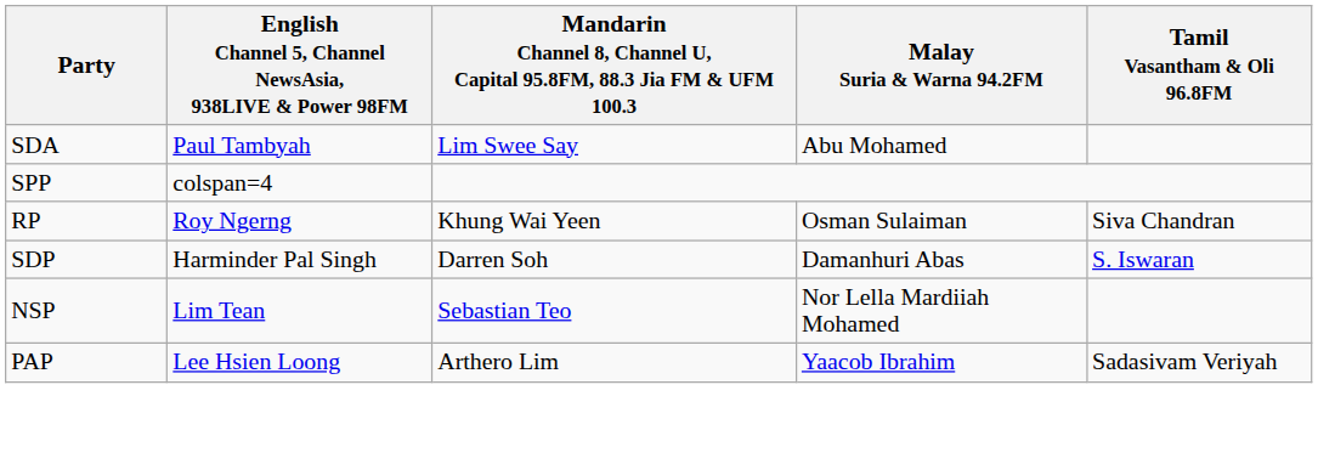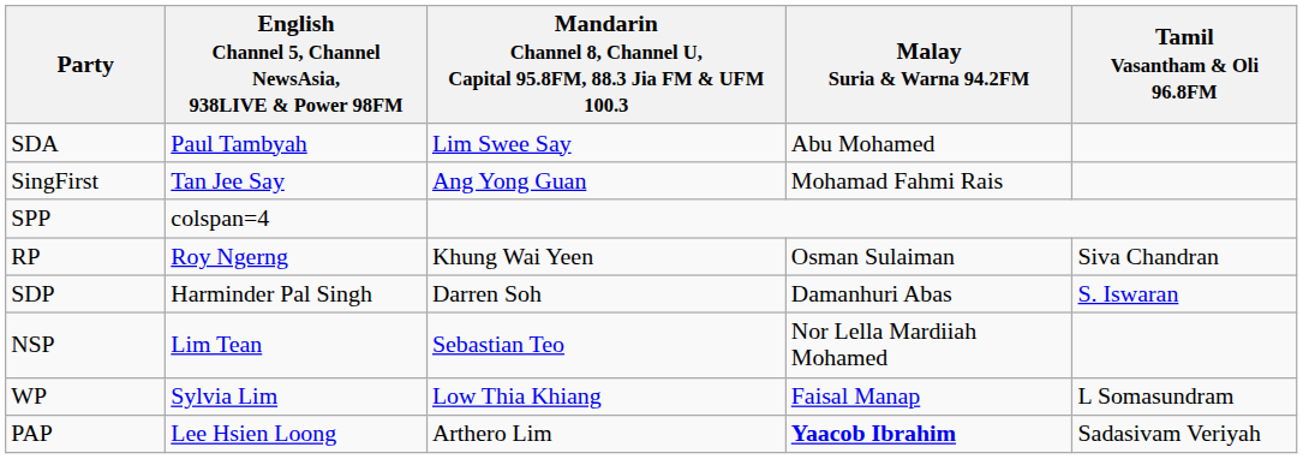 <table class="wikitable">
 <tr>
 <th style="width:100px">Party</th>
 <th>English <br><small>Channel 5, Channel NewsAsia, <br>938LIVE & Power 98FM</small></th>
 <th>Mandarin<br><small>Channel 8, Channel U, <br>Capital 95.8FM, 88.3 Jia FM & UFM 100.3</small></th>
 <th>Malay <br><small>Suria & Warna 94.2FM</small></th>
 <th>Tamil <br><small>Vasantham & Oli 96.8FM</small></th>
 </tr>
 <tr>
 <td>SDA</td>
 <td><div> <a href='#'>Paul Tambyah</a></div></td>
 <td><div> <a href='#'>Lim Swee Say</a></div></td>
 <td><div> Abu Mohamed</div></td>
+<td></td>
+</tr>
+<tr>
+<td>SingFirst</td>
+<td><div> <a href='#'>Tan Jee Say</a></div></td>
+<td><div> <a href='#'>Ang Yong Guan</a></div></td>
+<td><div> Mohamad Fahmi Rais</div></td>
 <td></td>
 </tr>
 <tr>
 <td>SPP</td>
 <td>colspan=4 </td>
 </tr>
 <tr>
 <td>RP</td>
 <td><div> <a href='#'>Roy Ngerng</a></div></td>
 <td><div> Khung Wai Yeen</div></td>
 <td><div> Osman Sulaiman</div></td>
 <td><div> Siva Chandran</div></td>
 </tr>
 <tr>
 <td>SDP</td>
 <td><div> Harminder Pal Singh</div></td>
 <td><div> Darren Soh</div></td>
 <td><div> Damanhuri Abas</div></td>
 <td><div> <a href='#'>S. Iswaran</a></div></td>
 </tr>
 <tr>
 <td>NSP</td>
 <td><div> <a href='#'>Lim Tean</a></div></td>
 <td><div> <a href='#'>Sebastian Teo</a></div></td>
 <td><div> Nor Lella Mardiiah Mohamed</div></td>
 <td></td>
 </tr>
 <tr>
+<td>WP</td>
+<td><div> <a href='#'>Sylvia Lim</a></div></td>
+<td><div> <a href='#'>Low Thia Khiang</a></div></td>
+<td><div> <a href='#'>Faisal Manap</a></div></td>
+<td><div> L Somasundram</div></td>
+</tr>
+<tr>
 <td>PAP</td>
 <td><div> <a href='#'>Lee Hsien Loong</a></div></td>
 <td><div> Arthero Lim</div></td>
-<td><div> <a href='#'>Yaacob Ibrahim</a></div></td>
+<td><strong><div> <a href='#'>Yaacob Ibrahim</a></div></strong></td>
 <td><div> Sadasivam Veriyah</div></td>
 </tr>
 </table>
